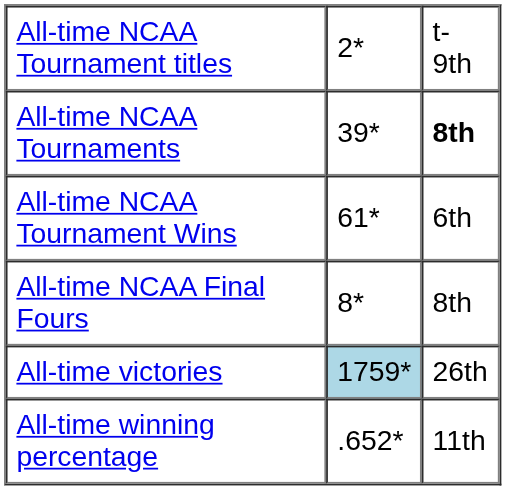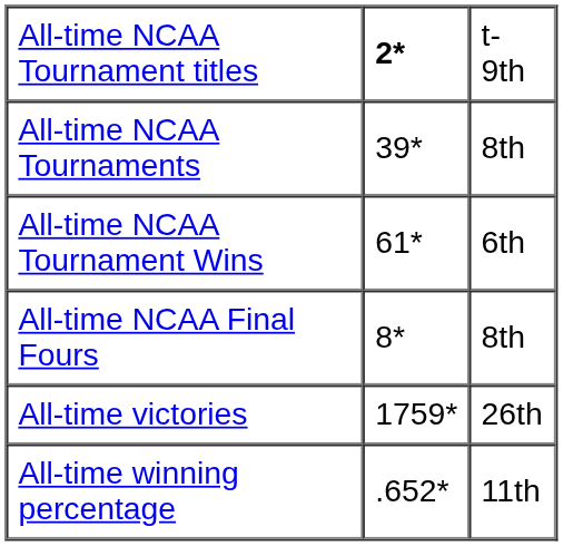 <table border="1" cellpadding="5" cellspacing="0" style="width:45%;">
 <tr>
 </tr>
 <tr>
 <td><a href='#'>All-time NCAA Tournament titles</a></td>
-<td>2*</td>
+<td><strong>2*</strong></td>
 <td>t-9th</td>
 </tr>
 <tr>
 <td><a href='#'>All-time NCAA Tournaments</a></td>
 <td>39*</td>
-<td><strong>8th</strong></td>
+<td>8th</td>
 </tr>
 <tr>
 <td><a href='#'>All-time NCAA Tournament Wins</a></td>
 <td>61*</td>
 <td>6th</td>
 </tr>
 <tr>
 <td><a href='#'>All-time NCAA Final Fours</a></td>
 <td>8*</td>
 <td>8th</td>
 </tr>
 <tr>
 <td><a href='#'>All-time victories</a></td>
-<td style="background: lightblue;">1759*</td>
+<td>1759*</td>
 <td>26th</td>
 </tr>
 <tr>
 <td><a href='#'>All-time winning percentage</a></td>
 <td>.652*</td>
 <td>11th</td>
 </tr>
 </table>
